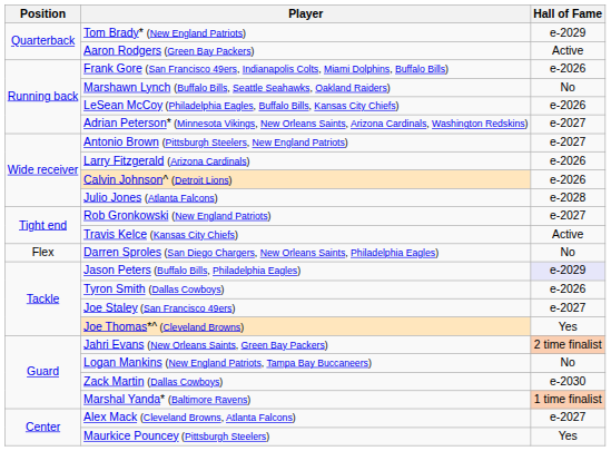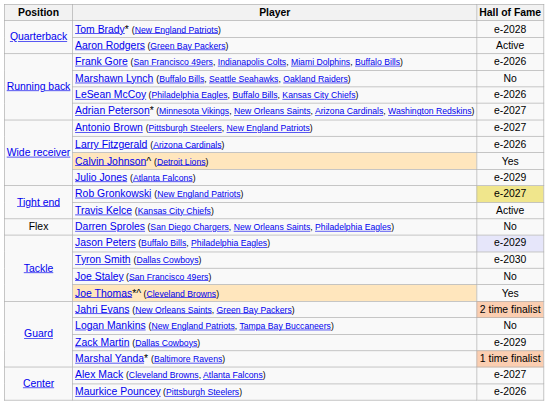 <table class="wikitable">
 <tr>
 <th>Position</th>
 <th>Player</th>
 <th>Hall of Fame</th>
 </tr>
 <tr>
 <td style="text-align:center;" rowspan="2"><a href='#'>Quarterback</a></td>
 <td><a href='#'>Tom Brady</a>* <small> (<a href='#'>New England Patriots</a>)</small></td>
-<td align=center>e-2029</td>
+<td align=center>e-2028</td>
 </tr>
 <tr>
 <td><a href='#'>Aaron Rodgers</a><small> (<a href='#'>Green Bay Packers</a>)</small></td>
 <td align=center>Active</td>
 </tr>
 <tr>
 <td style="text-align:center;" rowspan="4"><a href='#'>Running back</a></td>
 <td><a href='#'>Frank Gore</a> <small> (<a href='#'>San Francisco 49ers</a>, <a href='#'>Indianapolis Colts</a>, <a href='#'>Miami Dolphins</a>, <a href='#'>Buffalo Bills</a>)</small></td>
 <td align=center>e-2026</td>
 </tr>
 <tr>
 <td><a href='#'>Marshawn Lynch</a> <small> (<a href='#'>Buffalo Bills</a>, <a href='#'>Seattle Seahawks</a>, <a href='#'>Oakland Raiders</a>)</small></td>
 <td align=center>No</td>
 </tr>
 <tr>
 <td><a href='#'>LeSean McCoy</a><small> (<a href='#'>Philadelphia Eagles</a>, <a href='#'>Buffalo Bills</a>, <a href='#'>Kansas City Chiefs</a>)</small></td>
 <td align=center>e-2026</td>
 </tr>
 <tr>
 <td><a href='#'>Adrian Peterson</a>*<small> (<a href='#'>Minnesota Vikings</a>, <a href='#'>New Orleans Saints</a>, <a href='#'>Arizona Cardinals</a>, <a href='#'>Washington Redskins</a>)</small></td>
 <td align=center>e-2027</td>
 </tr>
 <tr>
 <td style="text-align:center;" rowspan="4"><a href='#'>Wide receiver</a></td>
 <td><a href='#'>Antonio Brown</a>  <small>  (<a href='#'>Pittsburgh Steelers</a>, <a href='#'>New England Patriots</a>)</small></td>
 <td align=center>e-2027</td>
 </tr>
 <tr>
 <td><a href='#'>Larry Fitzgerald</a> <small>(<a href='#'>Arizona Cardinals</a>)</small></td>
 <td align=center>e-2026</td>
 </tr>
 <tr>
 <td style="background-color:#FFE6BD"><a href='#'>Calvin Johnson</a>^ <small>(<a href='#'>Detroit Lions</a>)</small></td>
-<td align=center>e-2026</td>
+<td align=center>Yes</td>
 </tr>
 <tr>
 <td><a href='#'>Julio Jones</a>  <small>(<a href='#'>Atlanta Falcons</a>)</small></td>
-<td align=center>e-2028</td>
+<td align=center>e-2029</td>
 </tr>
 <tr>
 <td style="text-align:center;" rowspan="2"><a href='#'>Tight end</a></td>
 <td><a href='#'>Rob Gronkowski</a> <small>(<a href='#'>New England Patriots</a>)</small></td>
-<td align=center>e-2027</td>
+<td align=center style="background: khaki;">e-2027</td>
 </tr>
 <tr>
 <td><a href='#'>Travis Kelce</a> <small>(<a href='#'>Kansas City Chiefs</a>)</small></td>
 <td align=center>Active</td>
 </tr>
 <tr>
 <td style="text-align:center;" rowspan="1">Flex</td>
 <td><a href='#'>Darren Sproles</a><small> (<a href='#'>San Diego Chargers</a>, <a href='#'>New Orleans Saints</a>, <a href='#'>Philadelphia Eagles</a>)</small></td>
 <td align=center>No</td>
 </tr>
 <tr>
 <td style="text-align:center;" rowspan="4"><a href='#'>Tackle</a></td>
 <td><a href='#'>Jason Peters</a><small> (<a href='#'>Buffalo Bills</a>, <a href='#'>Philadelphia Eagles</a>)</small></td>
 <td align=center style="background: lavender;">e-2029</td>
 </tr>
 <tr>
 <td><a href='#'>Tyron Smith</a> <small>(<a href='#'>Dallas Cowboys</a>)</small></td>
-<td align=center>e-2026</td>
+<td align=center>e-2030</td>
 </tr>
 <tr>
 <td><a href='#'>Joe Staley</a><small> (<a href='#'>San Francisco 49ers</a>)</small></td>
-<td align=center>e-2027</td>
+<td align=center>No</td>
 </tr>
 <tr>
 <td style="background-color:#FFE6BD"> <a href='#'>Joe Thomas</a>*^<small> (<a href='#'>Cleveland Browns</a>)</small></td>
 <td align=center>Yes</td>
 </tr>
 <tr>
 <td style="text-align:center;" rowspan="4"><a href='#'>Guard</a></td>
 <td><a href='#'>Jahri Evans</a>  <small> (<a href='#'>New Orleans Saints</a>, <a href='#'>Green Bay Packers</a>) </small></td>
 <td align=center style="background-color:#FBCEB1">2 time finalist</td>
 </tr>
 <tr>
 <td><a href='#'>Logan Mankins</a>  <small>  (<a href='#'>New England Patriots</a>, <a href='#'>Tampa Bay Buccaneers</a>)  </small></td>
 <td align=center>No</td>
 </tr>
 <tr>
 <td>  <a href='#'>Zack Martin</a>  <small>  (<a href='#'>Dallas Cowboys</a>)  </small></td>
-<td align=center>e-2030</td>
+<td align=center>e-2029</td>
 </tr>
 <tr>
 <td><a href='#'>Marshal Yanda</a>*  <small>  (<a href='#'>Baltimore Ravens</a>)  </small></td>
 <td align=center style="background-color:#FBCEB1">1 time finalist</td>
 </tr>
 <tr>
 <td style="text-align:center;" rowspan="2"><a href='#'>Center</a></td>
 <td><a href='#'>Alex Mack</a> <small>(<a href='#'>Cleveland Browns</a>, <a href='#'>Atlanta Falcons</a>)</small></td>
 <td align=center>e-2027</td>
 </tr>
 <tr>
 <td>  <a href='#'>Maurkice Pouncey</a><small> (<a href='#'>Pittsburgh Steelers</a>)</small></td>
-<td align=center>Yes</td>
+<td align=center>e-2026</td>
 </tr>
 </table>
